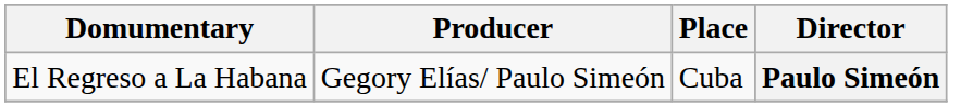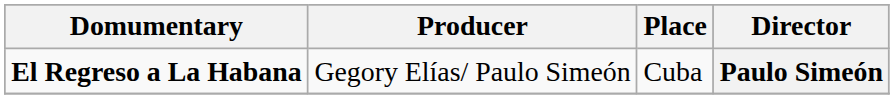 <table class="wikitable">
 <tr>
 <th align="center">Domumentary</th>
 <th align="center">Producer</th>
 <th align="center">Place</th>
 <th align="center">Director</th>
 </tr>
 <tr>
-<td align="center">El Regreso a La Habana</td>
+<td align="center"><strong>El Regreso a La Habana</strong></td>
 <td align="left">Gegory Elías/ Paulo Simeón</td>
 <td align="left">Cuba</td>
 <th align="center">Paulo Simeón</th>
 </tr>
 <tr>
 </tr>
 </table>
